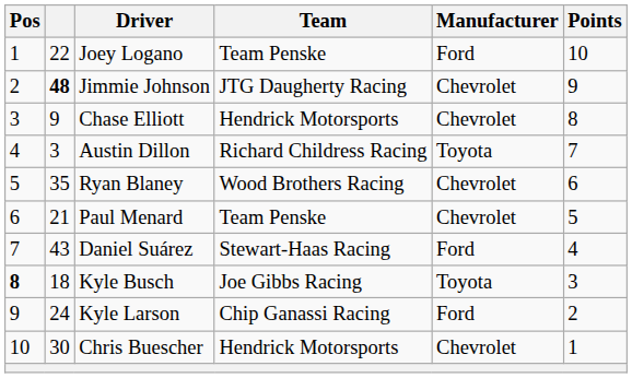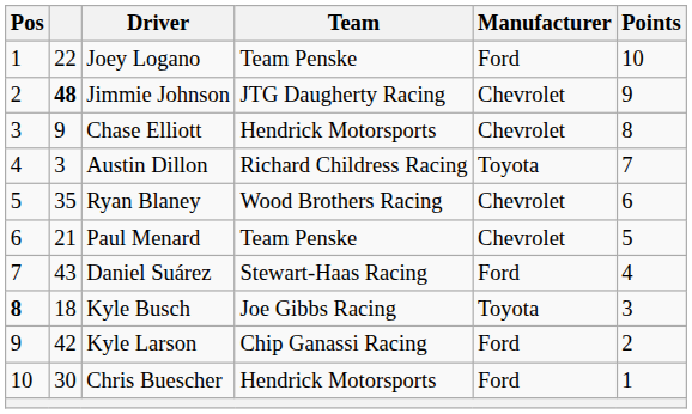 <table class="wikitable" style="font-size:98%">
 <tr>
 <th>Pos</th>
 <th></th>
 <th>Driver</th>
 <th>Team</th>
 <th>Manufacturer</th>
 <th>Points</th>
 </tr>
 <tr>
 <td>1</td>
 <td>22</td>
 <td>Joey Logano</td>
 <td>Team Penske</td>
 <td>Ford</td>
 <td>10</td>
 </tr>
 <tr>
 <td>2</td>
 <td><strong>48</strong></td>
 <td>Jimmie Johnson</td>
 <td>JTG Daugherty Racing</td>
 <td>Chevrolet</td>
 <td>9</td>
 </tr>
 <tr>
 <td>3</td>
 <td>9</td>
 <td>Chase Elliott</td>
 <td>Hendrick Motorsports</td>
 <td>Chevrolet</td>
 <td>8</td>
 </tr>
 <tr>
 <td>4</td>
 <td>3</td>
 <td>Austin Dillon</td>
 <td>Richard Childress Racing</td>
 <td>Toyota</td>
 <td>7</td>
 </tr>
 <tr>
 <td>5</td>
 <td>35</td>
 <td>Ryan Blaney</td>
 <td>Wood Brothers Racing</td>
 <td>Chevrolet</td>
 <td>6</td>
 </tr>
 <tr>
 <td>6</td>
 <td>21</td>
 <td>Paul Menard</td>
 <td>Team Penske</td>
 <td>Chevrolet</td>
 <td>5</td>
 </tr>
 <tr>
 <td>7</td>
 <td>43</td>
 <td>Daniel Suárez</td>
 <td>Stewart-Haas Racing</td>
 <td>Ford</td>
 <td>4</td>
 </tr>
 <tr>
 <td><strong>8</strong></td>
 <td>18</td>
 <td>Kyle Busch</td>
 <td>Joe Gibbs Racing</td>
 <td>Toyota</td>
 <td>3</td>
 </tr>
 <tr>
 <td>9</td>
-<td>24</td>
+<td>42</td>
 <td>Kyle Larson</td>
 <td>Chip Ganassi Racing</td>
 <td>Ford</td>
 <td>2</td>
 </tr>
 <tr>
 <td>10</td>
 <td>30</td>
 <td>Chris Buescher</td>
 <td>Hendrick Motorsports</td>
-<td>Chevrolet</td>
+<td>Ford</td>
 <td>1</td>
 </tr>
 <tr>
 <th colspan="6"></th>
 </tr>
 </table>
